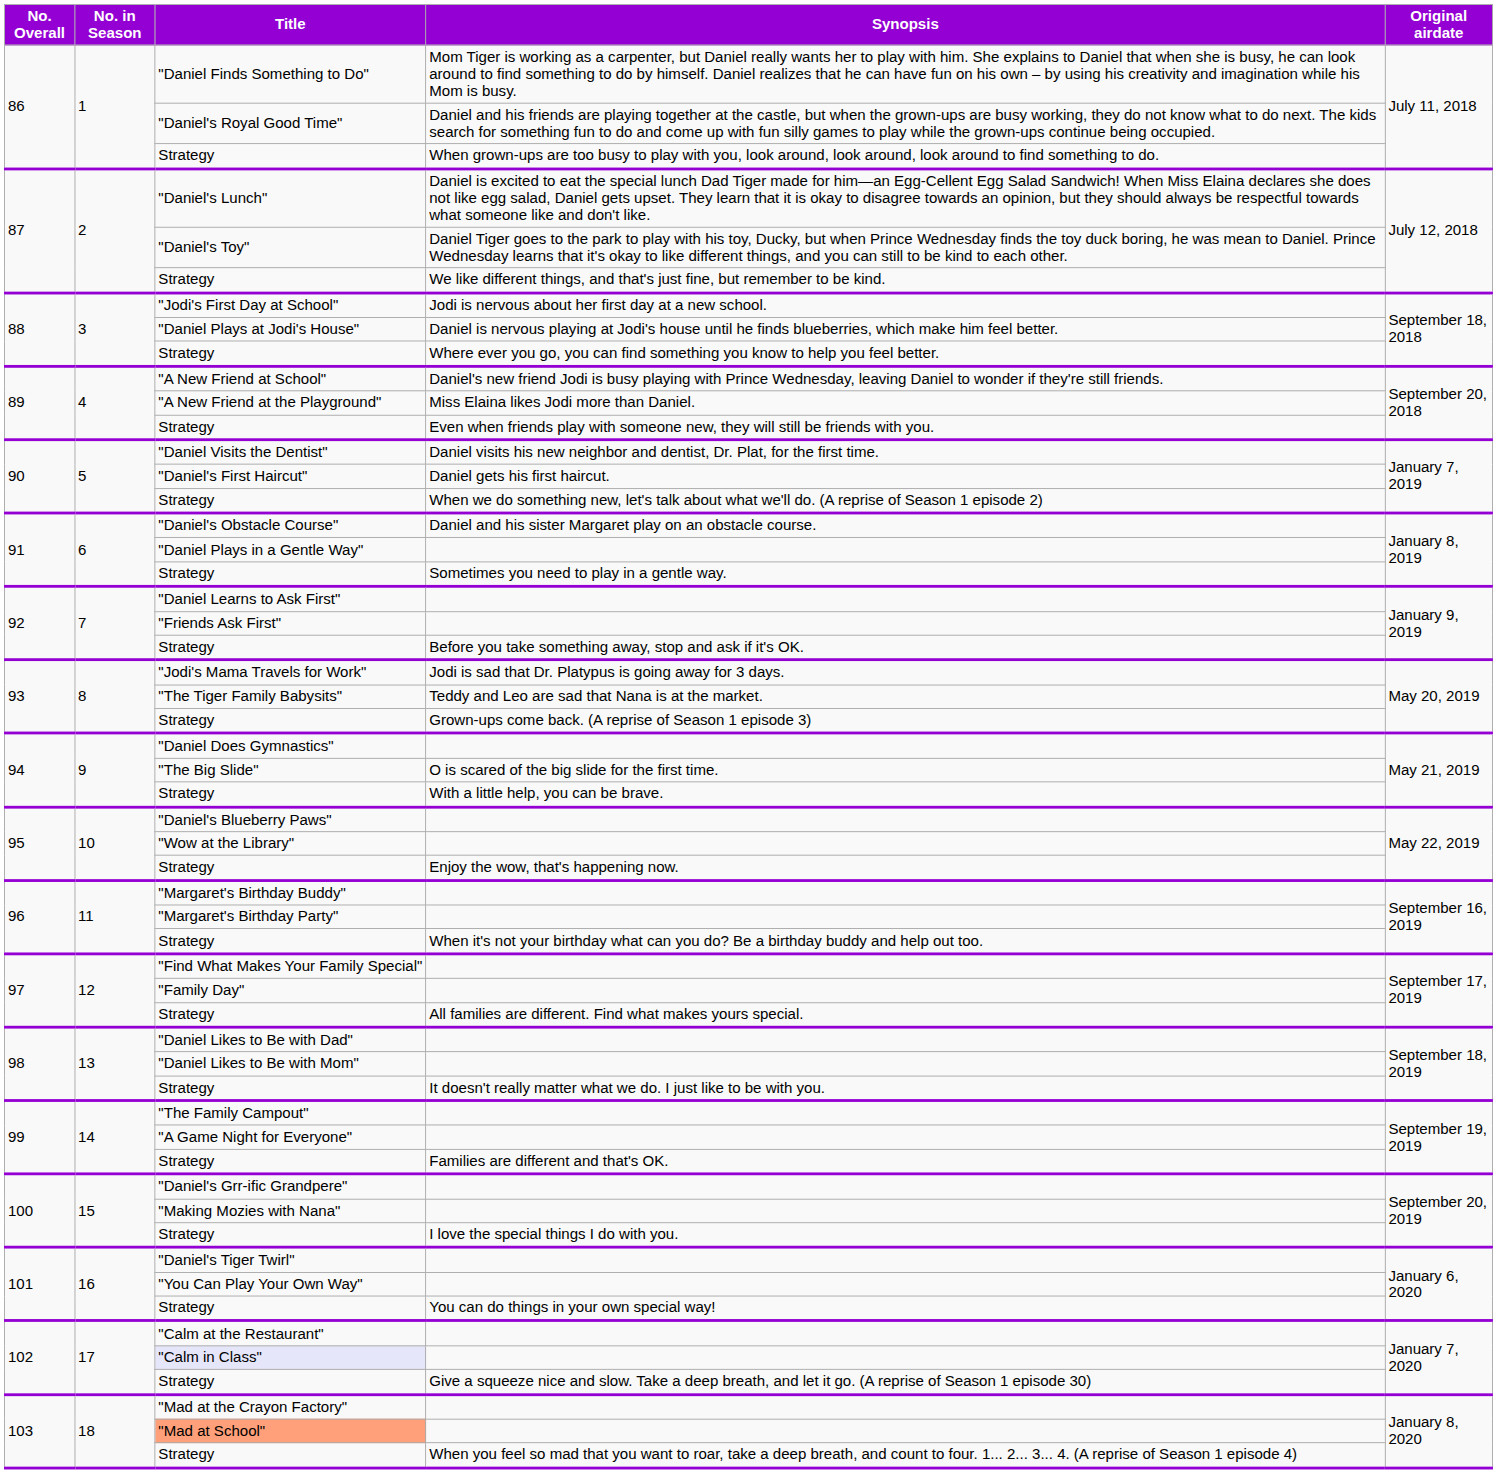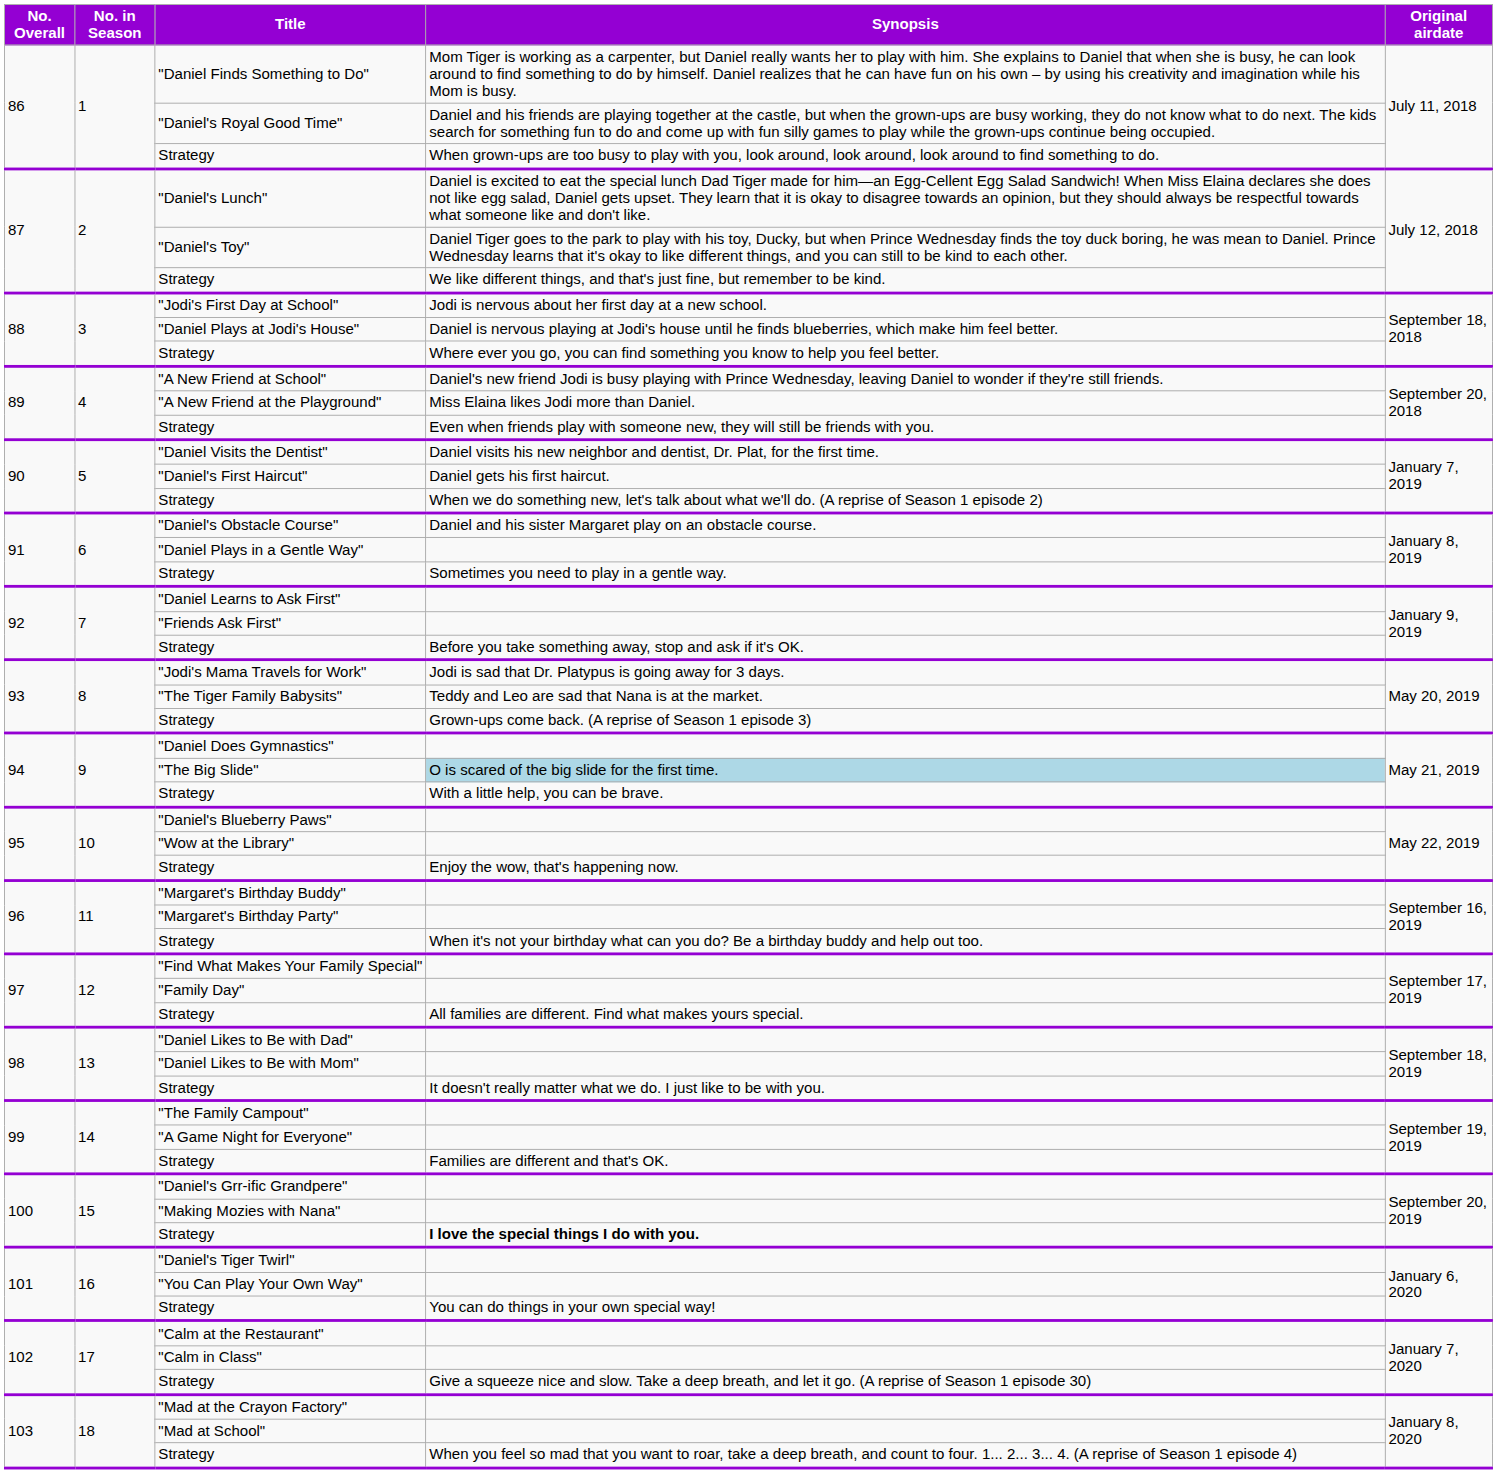 <table style="width:100%;" class="wikitable plainrowheaders">
 <tr>
 <th style="background:#9400D3;;color:white">No. Overall</th>
 <th style="background:#9400D3;;color:white">No. in Season</th>
 <th style="background:#9400D3;;color:white">Title</th>
 <th style="background:#9400D3;;color:white">Synopsis</th>
 <th style="background:#9400D3;;color:white">Original airdate</th>
 </tr>
 <tr>
 <td rowspan="3" style="border-bottom: 3px solid #9400D3">86</td>
 <td rowspan="3" style="border-bottom: 3px solid #9400D3">1</td>
 <td style="white-space:nowrap">"Daniel Finds Something to Do"</td>
 <td>Mom Tiger is working as a carpenter, but Daniel really wants her to play with him. She explains to Daniel that when she is busy, he can look around to find something to do by himself. Daniel realizes that he can have fun on his own – by using his creativity and imagination while his Mom is busy.</td>
 <td rowspan="3" style="border-bottom: 3px solid #9400D3;">July 11, 2018</td>
 </tr>
 <tr>
 <td>"Daniel's Royal Good Time"</td>
 <td>Daniel and his friends are playing together at the castle, but when the grown-ups are busy working, they do not know what to do next. The kids search for something fun to do and come up with fun silly games to play while the grown-ups continue being occupied.</td>
 </tr>
 <tr>
 <td style="border-bottom: 3px solid #9400D3;">Strategy</td>
 <td style="border-bottom: 3px solid #9400D3;">When grown-ups are too busy to play with you, look around, look around, look around to find something to do.</td>
 </tr>
 <tr>
 <td rowspan="3" style="border-bottom: 3px solid #9400D3">87</td>
 <td rowspan="3" style="border-bottom: 3px solid #9400D3">2</td>
 <td style="white-space:nowrap">"Daniel's Lunch"</td>
 <td>Daniel is excited to eat the special lunch Dad Tiger made for him—an Egg-Cellent Egg Salad Sandwich! When Miss Elaina declares she does not like egg salad, Daniel gets upset. They learn that it is okay to disagree towards an opinion, but they should always be respectful towards what someone like and don't like.</td>
 <td rowspan="3" style="border-bottom: 3px solid #9400D3;">July 12, 2018</td>
 </tr>
 <tr>
 <td>"Daniel's Toy"</td>
 <td>Daniel Tiger goes to the park to play with his toy, Ducky, but when Prince Wednesday finds the toy duck boring, he was mean to Daniel. Prince Wednesday learns that it's okay to like different things, and you can still to be kind to each other.</td>
 </tr>
 <tr>
 <td style="border-bottom: 3px solid #9400D3;">Strategy</td>
 <td style="border-bottom: 3px solid #9400D3;">We like different things, and that's just fine, but remember to be kind.</td>
 </tr>
 <tr>
 <td rowspan="3" style="border-bottom: 3px solid #9400D3">88</td>
 <td rowspan="3" style="border-bottom: 3px solid #9400D3">3</td>
 <td style="white-space:nowrap">"Jodi's First Day at School"</td>
 <td>Jodi is nervous about her first day at a new school.</td>
 <td rowspan="3" style="border-bottom: 3px solid #9400D3;">September 18, 2018</td>
 </tr>
 <tr>
 <td>"Daniel Plays at Jodi's House"</td>
 <td>Daniel is nervous playing at Jodi's house until he finds blueberries, which make him feel better.</td>
 </tr>
 <tr>
 <td style="border-bottom: 3px solid #9400D3;">Strategy</td>
 <td style="border-bottom: 3px solid #9400D3;">Where ever you go, you can find something you know to help you feel better.</td>
 </tr>
 <tr>
 <td rowspan="3" style="border-bottom: 3px solid #9400D3">89</td>
 <td rowspan="3" style="border-bottom: 3px solid #9400D3">4</td>
 <td style="white-space:nowrap">"A New Friend at School"</td>
 <td>Daniel's new friend Jodi is busy playing with Prince Wednesday, leaving Daniel to wonder if they're still friends.</td>
 <td rowspan="3" style="border-bottom: 3px solid #9400D3;">September 20, 2018</td>
 </tr>
 <tr>
 <td>"A New Friend at the Playground"</td>
 <td>Miss Elaina likes Jodi more than Daniel.</td>
 </tr>
 <tr>
 <td style="border-bottom: 3px solid #9400D3;">Strategy</td>
 <td style="border-bottom: 3px solid #9400D3;">Even when friends play with someone new, they will still be friends with you.</td>
 </tr>
 <tr>
 <td rowspan="3" style="border-bottom: 3px solid #9400D3">90</td>
 <td rowspan="3" style="border-bottom: 3px solid #9400D3">5</td>
 <td style="white-space:nowrap">"Daniel Visits the Dentist"</td>
 <td>Daniel visits his new neighbor and dentist, Dr. Plat, for the first time.</td>
 <td rowspan="3" style="border-bottom: 3px solid #9400D3;">January 7, 2019</td>
 </tr>
 <tr>
 <td>"Daniel's First Haircut"</td>
 <td>Daniel gets his first haircut.</td>
 </tr>
 <tr>
 <td style="border-bottom: 3px solid #9400D3;">Strategy</td>
 <td style="border-bottom: 3px solid #9400D3;">When we do something new, let's talk about what we'll do. (A reprise of Season 1 episode 2)</td>
 </tr>
 <tr>
 <td rowspan="3" style="border-bottom: 3px solid #9400D3">91</td>
 <td rowspan="3" style="border-bottom: 3px solid #9400D3">6</td>
 <td style="white-space:nowrap">"Daniel's Obstacle Course"</td>
 <td>Daniel and his sister Margaret play on an obstacle course.</td>
 <td rowspan="3" style="border-bottom: 3px solid #9400D3;">January 8, 2019</td>
 </tr>
 <tr>
 <td>"Daniel Plays in a Gentle Way"</td>
 <td></td>
 </tr>
 <tr>
 <td style="border-bottom: 3px solid #9400D3;">Strategy</td>
 <td style="border-bottom: 3px solid #9400D3;">Sometimes you need to play in a gentle way.</td>
 </tr>
 <tr>
 <td rowspan="3" style="border-bottom: 3px solid #9400D3">92</td>
 <td rowspan="3" style="border-bottom: 3px solid #9400D3">7</td>
 <td style="white-space:nowrap">"Daniel Learns to Ask First"</td>
 <td></td>
 <td rowspan="3" style="border-bottom: 3px solid #9400D3;">January 9, 2019</td>
 </tr>
 <tr>
 <td>"Friends Ask First"</td>
 <td></td>
 </tr>
 <tr>
 <td style="border-bottom: 3px solid #9400D3;">Strategy</td>
 <td style="border-bottom: 3px solid #9400D3;">Before you take something away, stop and ask if it's OK.</td>
 </tr>
 <tr>
 <td rowspan="3" style="border-bottom: 3px solid #9400D3">93</td>
 <td rowspan="3" style="border-bottom: 3px solid #9400D3">8</td>
 <td style="white-space:nowrap">"Jodi's Mama Travels for Work"</td>
 <td>Jodi is sad that Dr. Platypus is going away for 3 days.</td>
 <td rowspan="3" style="border-bottom: 3px solid #9400D3;">May 20, 2019</td>
 </tr>
 <tr>
 <td>"The Tiger Family Babysits"</td>
 <td>Teddy and Leo are sad that Nana is at the market.</td>
 </tr>
 <tr>
 <td style="border-bottom: 3px solid #9400D3;">Strategy</td>
 <td style="border-bottom: 3px solid #9400D3;">Grown-ups come back. (A reprise of Season 1 episode 3)</td>
 </tr>
 <tr>
 <td rowspan="3" style="border-bottom: 3px solid #9400D3">94</td>
 <td rowspan="3" style="border-bottom: 3px solid #9400D3">9</td>
 <td style="white-space:nowrap">"Daniel Does Gymnastics"</td>
 <td></td>
 <td rowspan="3" style="border-bottom: 3px solid #9400D3;">May 21, 2019</td>
 </tr>
 <tr>
 <td>"The Big Slide"</td>
-<td>O is scared of the big slide for the first time.</td>
+<td style="background: lightblue;">O is scared of the big slide for the first time.</td>
 </tr>
 <tr>
 <td style="border-bottom: 3px solid #9400D3;">Strategy</td>
 <td style="border-bottom: 3px solid #9400D3;">With a little help, you can be brave.</td>
 </tr>
 <tr>
 <td rowspan="3" style="border-bottom: 3px solid #9400D3">95</td>
 <td rowspan="3" style="border-bottom: 3px solid #9400D3">10</td>
 <td style="white-space:nowrap">"Daniel's Blueberry Paws"</td>
 <td></td>
 <td rowspan="3" style="border-bottom: 3px solid #9400D3;">May 22, 2019</td>
 </tr>
 <tr>
 <td>"Wow at the Library"</td>
 <td></td>
 </tr>
 <tr>
 <td style="border-bottom: 3px solid #9400D3;">Strategy</td>
 <td style="border-bottom: 3px solid #9400D3;">Enjoy the wow, that's happening now.</td>
 </tr>
 <tr>
 <td rowspan="3" style="border-bottom: 3px solid #9400D3">96</td>
 <td rowspan="3" style="border-bottom: 3px solid #9400D3">11</td>
 <td style="white-space:nowrap">"Margaret's Birthday Buddy"</td>
 <td></td>
 <td rowspan="3" style="border-bottom: 3px solid #9400D3;">September 16, 2019</td>
 </tr>
 <tr>
 <td>"Margaret's Birthday Party"</td>
 <td></td>
 </tr>
 <tr>
 <td style="border-bottom: 3px solid #9400D3;">Strategy</td>
 <td style="border-bottom: 3px solid #9400D3;">When it's not your birthday what can you do? Be a birthday buddy and help out too.</td>
 </tr>
 <tr>
 <td rowspan="3" style="border-bottom: 3px solid #9400D3">97</td>
 <td rowspan="3" style="border-bottom: 3px solid #9400D3">12</td>
 <td style="white-space:nowrap">"Find What Makes Your Family Special"</td>
 <td></td>
 <td rowspan="3" style="border-bottom: 3px solid #9400D3;">September 17, 2019</td>
 </tr>
 <tr>
 <td>"Family Day"</td>
 <td></td>
 </tr>
 <tr>
 <td style="border-bottom: 3px solid #9400D3;">Strategy</td>
 <td style="border-bottom: 3px solid #9400D3;">All families are different. Find what makes yours special.</td>
 </tr>
 <tr>
 <td rowspan="3" style="border-bottom: 3px solid #9400D3">98</td>
 <td rowspan="3" style="border-bottom: 3px solid #9400D3">13</td>
 <td style="white-space:nowrap">"Daniel Likes to Be with Dad"</td>
 <td></td>
 <td rowspan="3" style="border-bottom: 3px solid #9400D3;">September 18, 2019</td>
 </tr>
 <tr>
 <td>"Daniel Likes to Be with Mom"</td>
 <td></td>
 </tr>
 <tr>
 <td style="border-bottom: 3px solid #9400D3;">Strategy</td>
 <td style="border-bottom: 3px solid #9400D3;">It doesn't really matter what we do. I just like to be with you.</td>
 </tr>
 <tr>
 <td rowspan="3" style="border-bottom: 3px solid #9400D3">99</td>
 <td rowspan="3" style="border-bottom: 3px solid #9400D3">14</td>
 <td style="white-space:nowrap">"The Family Campout"</td>
 <td></td>
 <td rowspan="3" style="border-bottom: 3px solid #9400D3;">September 19, 2019</td>
 </tr>
 <tr>
 <td>"A Game Night for Everyone"</td>
 <td></td>
 </tr>
 <tr>
 <td style="border-bottom: 3px solid #9400D3;">Strategy</td>
 <td style="border-bottom: 3px solid #9400D3;">Families are different and that's OK.</td>
 </tr>
 <tr>
 <td rowspan="3" style="border-bottom: 3px solid #9400D3">100</td>
 <td rowspan="3" style="border-bottom: 3px solid #9400D3">15</td>
 <td style="white-space:nowrap">"Daniel's Grr-ific Grandpere"</td>
 <td></td>
 <td rowspan="3" style="border-bottom: 3px solid #9400D3;">September 20, 2019</td>
 </tr>
 <tr>
 <td>"Making Mozies with Nana"</td>
 <td></td>
 </tr>
 <tr>
 <td style="border-bottom: 3px solid #9400D3;">Strategy</td>
-<td style="border-bottom: 3px solid #9400D3;">I love the special things I do with you.</td>
+<td style="border-bottom: 3px solid #9400D3;"><strong>I love the special things I do with you.</strong></td>
 </tr>
 <tr>
 <td rowspan="3" style="border-bottom: 3px solid #9400D3">101</td>
 <td rowspan="3" style="border-bottom: 3px solid #9400D3">16</td>
 <td style="white-space:nowrap">"Daniel's Tiger Twirl"</td>
 <td></td>
 <td rowspan="3" style="border-bottom: 3px solid #9400D3;">January 6, 2020</td>
 </tr>
 <tr>
 <td>"You Can Play Your Own Way"</td>
 <td></td>
 </tr>
 <tr>
 <td style="border-bottom: 3px solid #9400D3;">Strategy</td>
 <td style="border-bottom: 3px solid #9400D3;">You can do things in your own special way!</td>
 </tr>
 <tr>
 <td rowspan="3" style="border-bottom: 3px solid #9400D3">102</td>
 <td rowspan="3" style="border-bottom: 3px solid #9400D3">17</td>
 <td style="white-space:nowrap">"Calm at the Restaurant"</td>
 <td></td>
 <td rowspan="3" style="border-bottom: 3px solid #9400D3;">January 7, 2020</td>
 </tr>
 <tr>
-<td style="background: lavender;">"Calm in Class"</td>
+<td>"Calm in Class"</td>
 <td></td>
 </tr>
 <tr>
 <td style="border-bottom: 3px solid #9400D3;">Strategy</td>
 <td style="border-bottom: 3px solid #9400D3;">Give a squeeze nice and slow. Take a deep breath, and let it go. (A reprise of Season 1 episode 30)</td>
 </tr>
 <tr>
 <td rowspan="3" style="border-bottom: 3px solid #9400D3">103</td>
 <td rowspan="3" style="border-bottom: 3px solid #9400D3">18</td>
 <td style="white-space:nowrap">"Mad at the Crayon Factory"</td>
 <td></td>
 <td rowspan="3" style="border-bottom: 3px solid #9400D3;">January 8, 2020</td>
 </tr>
 <tr>
-<td style="background: lightsalmon;">"Mad at School"</td>
+<td>"Mad at School"</td>
 <td></td>
 </tr>
 <tr>
 <td style="border-bottom: 3px solid #9400D3;">Strategy</td>
 <td style="border-bottom: 3px solid #9400D3;">When you feel so mad that you want to roar, take a deep breath, and count to four. 1... 2... 3... 4. (A reprise of Season 1 episode 4)</td>
 </tr>
 </table>
